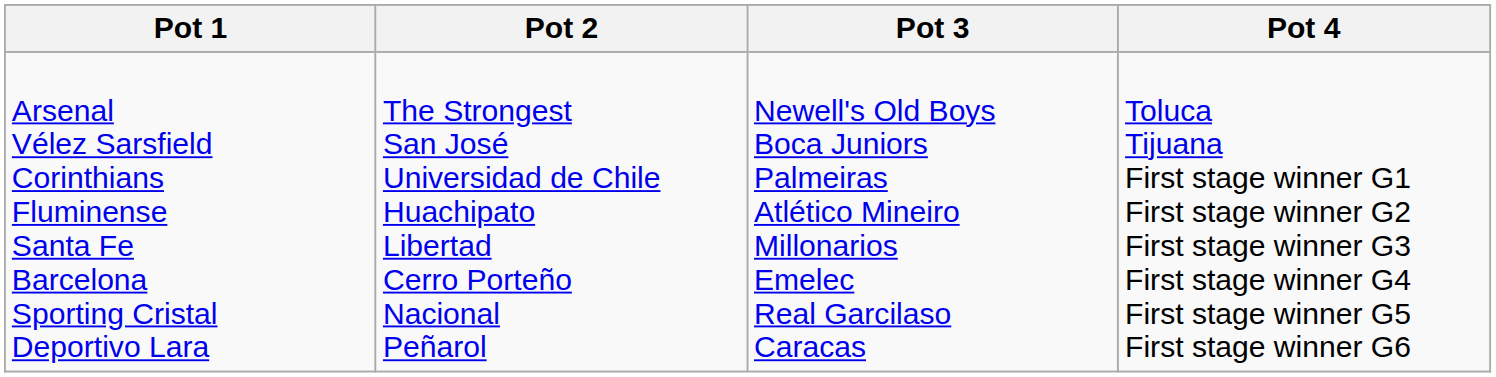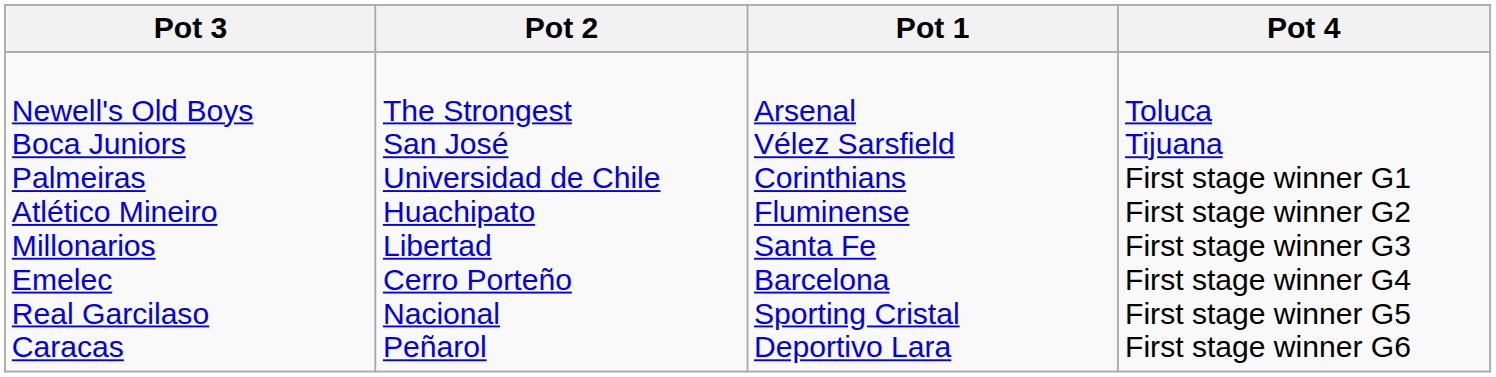 <table class="wikitable">
 <tr>
+<th width=190>Pot 3</th>
+<th width=190>Pot 2</th>
 <th width=190>Pot 1</th>
-<th width=190>Pot 2</th>
-<th width=190>Pot 3</th>
 <th width=190>Pot 4</th>
 </tr>
 <tr valign=top>
+<td><br> <a href='#'>Newell's Old Boys</a><br>  <a href='#'>Boca Juniors</a><br>  <a href='#'>Palmeiras</a><br>  <a href='#'>Atlético Mineiro</a><br>  <a href='#'>Millonarios</a><br>  <a href='#'>Emelec</a><br>  <a href='#'>Real Garcilaso</a><br>  <a href='#'>Caracas</a></td>
+<td><br> <a href='#'>The Strongest</a><br>  <a href='#'>San José</a><br>  <a href='#'>Universidad de Chile</a><br>  <a href='#'>Huachipato</a><br>  <a href='#'>Libertad</a><br>  <a href='#'>Cerro Porteño</a><br>  <a href='#'>Nacional</a><br>  <a href='#'>Peñarol</a></td>
 <td><br> <a href='#'>Arsenal</a><br>  <a href='#'>Vélez Sarsfield</a><br>  <a href='#'>Corinthians</a><br>  <a href='#'>Fluminense</a><br>  <a href='#'>Santa Fe</a><br>  <a href='#'>Barcelona</a><br>  <a href='#'>Sporting Cristal</a><br>  <a href='#'>Deportivo Lara</a></td>
-<td><br> <a href='#'>The Strongest</a><br>  <a href='#'>San José</a><br>  <a href='#'>Universidad de Chile</a><br>  <a href='#'>Huachipato</a><br>  <a href='#'>Libertad</a><br>  <a href='#'>Cerro Porteño</a><br>  <a href='#'>Nacional</a><br>  <a href='#'>Peñarol</a></td>
-<td><br> <a href='#'>Newell's Old Boys</a><br>  <a href='#'>Boca Juniors</a><br>  <a href='#'>Palmeiras</a><br>  <a href='#'>Atlético Mineiro</a><br>  <a href='#'>Millonarios</a><br>  <a href='#'>Emelec</a><br>  <a href='#'>Real Garcilaso</a><br>  <a href='#'>Caracas</a></td>
 <td><br> <a href='#'>Toluca</a><br>  <a href='#'>Tijuana</a><br> First stage winner G1<br> First stage winner G2<br> First stage winner G3<br> First stage winner G4<br> First stage winner G5<br> First stage winner G6</td>
 </tr>
 </table>
